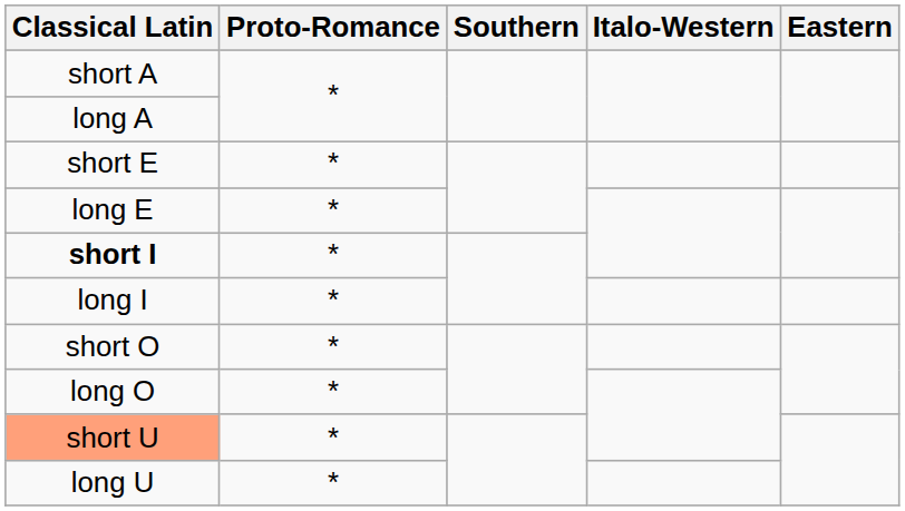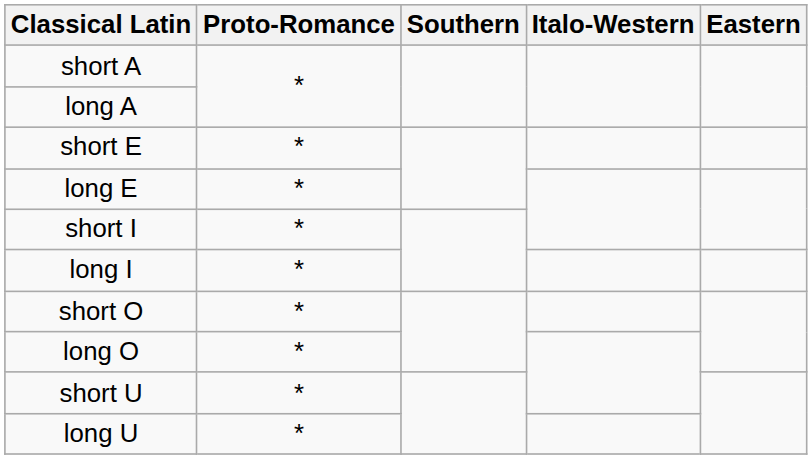 <table class="wikitable" style="text-align: center; margin:10px;">
 <tr>
 <th>Classical Latin</th>
 <th>Proto-Romance</th>
 <th>Southern</th>
 <th>Italo-Western</th>
 <th>Eastern</th>
 </tr>
 <tr>
 <td>short A</td>
 <td rowspan="2">*</td>
 <td rowspan="2"></td>
 <td rowspan="2"></td>
 <td rowspan="2"></td>
 </tr>
 <tr>
 <td>long A</td>
 </tr>
 <tr>
 <td>short E</td>
 <td>*</td>
 <td rowspan="2"></td>
 <td></td>
 <td></td>
 </tr>
 <tr>
 <td>long E</td>
 <td>*</td>
 <td rowspan="2"></td>
 <td rowspan="2"></td>
 </tr>
 <tr>
-<td><strong>short I</strong></td>
+<td>short I</td>
 <td>*</td>
 <td rowspan="2"></td>
 </tr>
 <tr>
 <td>long I</td>
 <td>*</td>
 <td></td>
 <td></td>
 </tr>
 <tr>
 <td>short O</td>
 <td>*</td>
 <td rowspan="2"></td>
 <td></td>
 <td rowspan="2"></td>
 </tr>
 <tr>
 <td>long O</td>
 <td>*</td>
 <td rowspan="2"></td>
 </tr>
 <tr>
-<td style="background: lightsalmon;">short U</td>
+<td>short U</td>
 <td>*</td>
 <td rowspan="2"></td>
 <td rowspan="2"></td>
 </tr>
 <tr>
 <td>long U</td>
 <td>*</td>
 <td></td>
 </tr>
 </table>
